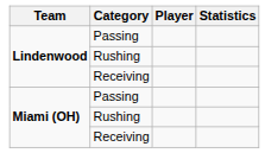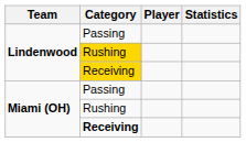 <table class="wikitable" style="float: right;">
 <tr>
 <th>Team</th>
 <th>Category</th>
 <th>Player</th>
 <th>Statistics</th>
 </tr>
 <tr>
 <td rowspan=3><strong>Lindenwood</strong></td>
 <td>Passing</td>
 <td></td>
 <td></td>
 </tr>
 <tr>
-<td>Rushing</td>
+<td style="background: gold;">Rushing</td>
 <td></td>
 <td></td>
 </tr>
 <tr>
-<td>Receiving</td>
+<td style="background: gold;">Receiving</td>
 <td></td>
 <td></td>
 </tr>
 <tr>
 <td rowspan=3><strong>Miami (OH)</strong></td>
 <td>Passing</td>
 <td></td>
 <td></td>
 </tr>
 <tr>
 <td>Rushing</td>
 <td></td>
 <td></td>
 </tr>
 <tr>
-<td>Receiving</td>
+<td><strong>Receiving</strong></td>
 <td></td>
 <td></td>
 </tr>
 </table>
